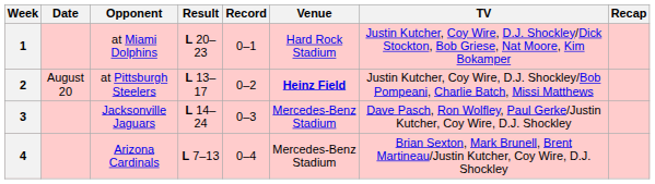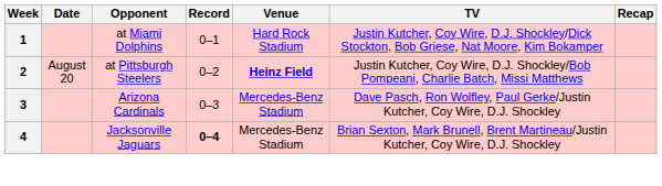 <table class="wikitable" style="text-align:center">
 <tr>
 <th>Week</th>
 <th>Date</th>
 <th>Opponent</th>
-<th>Result</th>
 <th>Record</th>
 <th>Venue</th>
 <th>TV</th>
 <th>Recap</th>
 </tr>
 <tr style="background:#fcc">
 <th>1</th>
 <td></td>
 <td>at <a href='#'>Miami Dolphins</a></td>
-<td><strong>L</strong> 20–23</td>
 <td>0–1</td>
 <td><a href='#'>Hard Rock Stadium</a></td>
 <td><a href='#'>Justin Kutcher</a>, <a href='#'>Coy Wire</a>, <a href='#'>D.J. Shockley</a>/<a href='#'>Dick Stockton</a>, <a href='#'>Bob Griese</a>, <a href='#'>Nat Moore</a>, <a href='#'>Kim Bokamper</a></td>
 <td></td>
 </tr>
 <tr style="background:#fcc">
 <th>2</th>
 <td>August 20</td>
 <td>at <a href='#'>Pittsburgh Steelers</a></td>
-<td><strong>L</strong> 13–17</td>
 <td>0–2</td>
 <td><strong><a href='#'>Heinz Field</a></strong></td>
 <td>Justin Kutcher, Coy Wire, D.J. Shockley/<a href='#'>Bob Pompeani</a>, <a href='#'>Charlie Batch</a>, <a href='#'>Missi Matthews</a></td>
 <td></td>
 </tr>
 <tr style="background:#fcc">
 <th>3</th>
 <td></td>
-<td><a href='#'>Jacksonville Jaguars</a></td>
-<td><strong>L</strong> 14–24</td>
+<td><a href='#'>Arizona Cardinals</a></td>
 <td>0–3</td>
 <td><a href='#'>Mercedes-Benz Stadium</a></td>
 <td><a href='#'>Dave Pasch</a>, <a href='#'>Ron Wolfley</a>, <a href='#'>Paul Gerke</a>/Justin Kutcher, Coy Wire, D.J. Shockley</td>
 <td></td>
 </tr>
 <tr style="background:#fcc">
 <th>4</th>
 <td></td>
-<td><a href='#'>Arizona Cardinals</a></td>
-<td><strong>L</strong> 7–13</td>
-<td>0–4</td>
+<td><a href='#'>Jacksonville Jaguars</a></td>
+<td><strong>0–4</strong></td>
 <td>Mercedes-Benz Stadium</td>
 <td><a href='#'>Brian Sexton</a>, <a href='#'>Mark Brunell</a>, <a href='#'>Brent Martineau</a>/Justin Kutcher, Coy Wire, D.J. Shockley</td>
 <td></td>
 </tr>
 </table>
